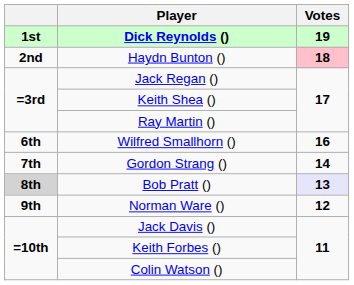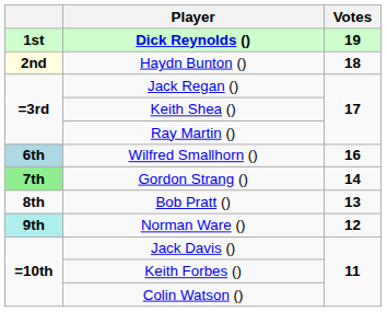 <table class="wikitable" style="text-align: center; font-size: 90%;">
 <tr>
 <th width="50"></th>
 <th width="250">Player</th>
 <th width="50">Votes</th>
 </tr>
 <tr style="background: #CCFFCC; font-weight: bold;" |>
 <td><strong>1st</strong></td>
 <td><a href='#'>Dick Reynolds</a> ()</td>
 <td><strong>19</strong></td>
 </tr>
 <tr>
-<td><strong>2nd</strong></td>
+<td style="background: lightyellow;"><strong>2nd</strong></td>
 <td><a href='#'>Haydn Bunton</a> ()</td>
-<td style="background: pink;"><strong>18</strong></td>
+<td><strong>18</strong></td>
 </tr>
 <tr>
 <td rowspan=3><strong>=3rd</strong></td>
 <td><a href='#'>Jack Regan</a> ()</td>
 <td rowspan=3><strong>17</strong></td>
 </tr>
 <tr>
 <td><a href='#'>Keith Shea</a> ()</td>
 </tr>
 <tr>
 <td><a href='#'>Ray Martin</a> ()</td>
 </tr>
 <tr>
-<td><strong>6th</strong></td>
+<td style="background: lightblue;"><strong>6th</strong></td>
 <td><a href='#'>Wilfred Smallhorn</a> ()</td>
 <td><strong>16</strong></td>
 </tr>
 <tr>
-<td><strong>7th</strong></td>
+<td style="background: lightgreen;"><strong>7th</strong></td>
 <td><a href='#'>Gordon Strang</a> ()</td>
 <td><strong>14</strong></td>
 </tr>
 <tr>
-<td style="background: lightgrey;"><strong>8th</strong></td>
+<td><strong>8th</strong></td>
 <td><a href='#'>Bob Pratt</a> ()</td>
-<td style="background: lavender;"><strong>13</strong></td>
+<td><strong>13</strong></td>
 </tr>
 <tr>
-<td><strong>9th</strong></td>
+<td style="background: paleturquoise;"><strong>9th</strong></td>
 <td><a href='#'>Norman Ware</a> ()</td>
 <td><strong>12</strong></td>
 </tr>
 <tr>
 <td rowspan=3><strong>=10th</strong></td>
 <td><a href='#'>Jack Davis</a> ()</td>
 <td rowspan=3><strong>11</strong></td>
 </tr>
 <tr>
 <td><a href='#'>Keith Forbes</a> ()</td>
 </tr>
 <tr>
 <td><a href='#'>Colin Watson</a> ()</td>
 </tr>
 </table>
